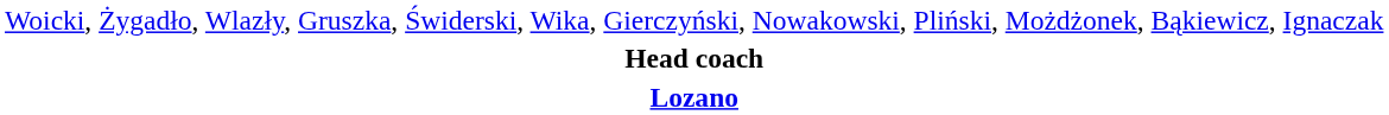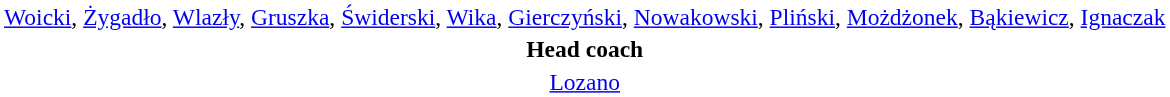 <table style="text-align: center; margin-top: 2em; margin-left: auto; margin-right: auto">
 <tr>
 <td><a href='#'>Woicki</a>, <a href='#'>Żygadło</a>, <a href='#'>Wlazły</a>, <a href='#'>Gruszka</a>, <a href='#'>Świderski</a>, <a href='#'>Wika</a>, <a href='#'>Gierczyński</a>, <a href='#'>Nowakowski</a>, <a href='#'>Pliński</a>, <a href='#'>Możdżonek</a>, <a href='#'>Bąkiewicz</a>, <a href='#'>Ignaczak</a></td>
 </tr>
 <tr>
 <td><strong>Head coach</strong></td>
 </tr>
 <tr>
-<td><strong><a href='#'>Lozano</a></strong></td>
+<td><a href='#'>Lozano</a></td>
 </tr>
 </table>
